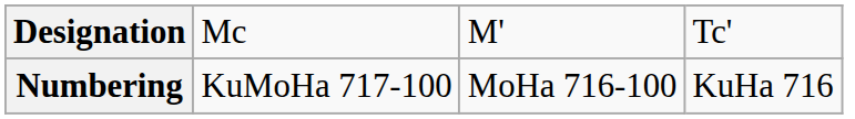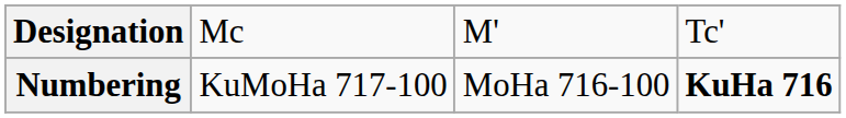 <table class="wikitable">
 <tr>
 <th>Designation</th>
 <td>Mc</td>
 <td>M'</td>
 <td>Tc'</td>
 </tr>
 <tr>
 <th>Numbering</th>
 <td>KuMoHa 717-100</td>
 <td>MoHa 716-100</td>
-<td>KuHa 716</td>
+<td><strong>KuHa 716</strong></td>
 </tr>
 </table>
